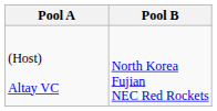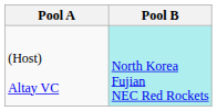 <table class="wikitable">
 <tr>
 <th width=50%>Pool A</th>
 <th width=50%>Pool B</th>
 </tr>
 <tr>
 <td><br> (Host) <br>  <br>  <a href='#'>Altay VC</a></td>
-<td><br> <br>  <a href='#'>North Korea</a><br>  <a href='#'>Fujian</a> <br>  <a href='#'>NEC Red Rockets</a></td>
+<td style="background: paleturquoise;"><br> <br>  <a href='#'>North Korea</a><br>  <a href='#'>Fujian</a> <br>  <a href='#'>NEC Red Rockets</a></td>
 </tr>
 </table>
